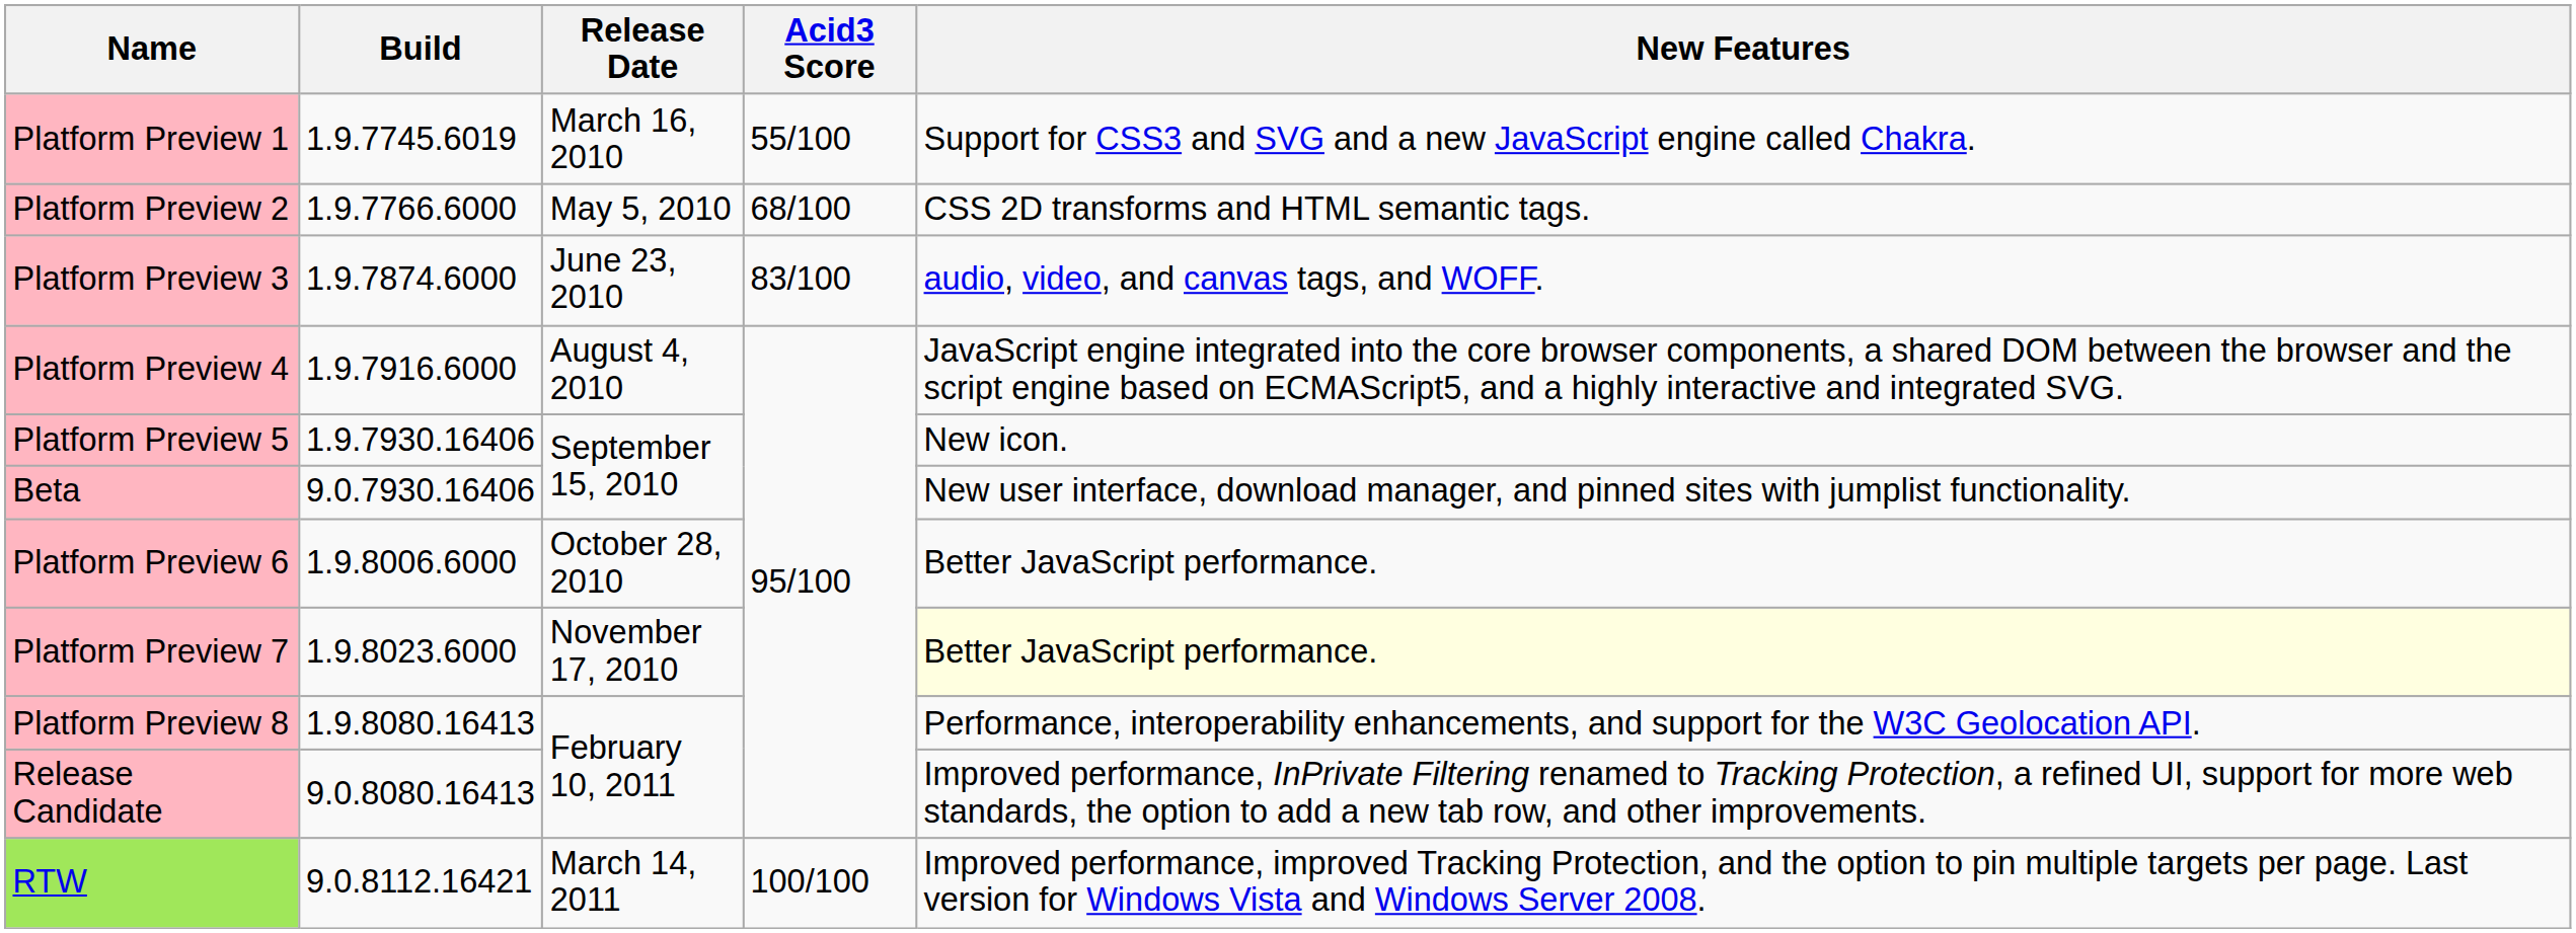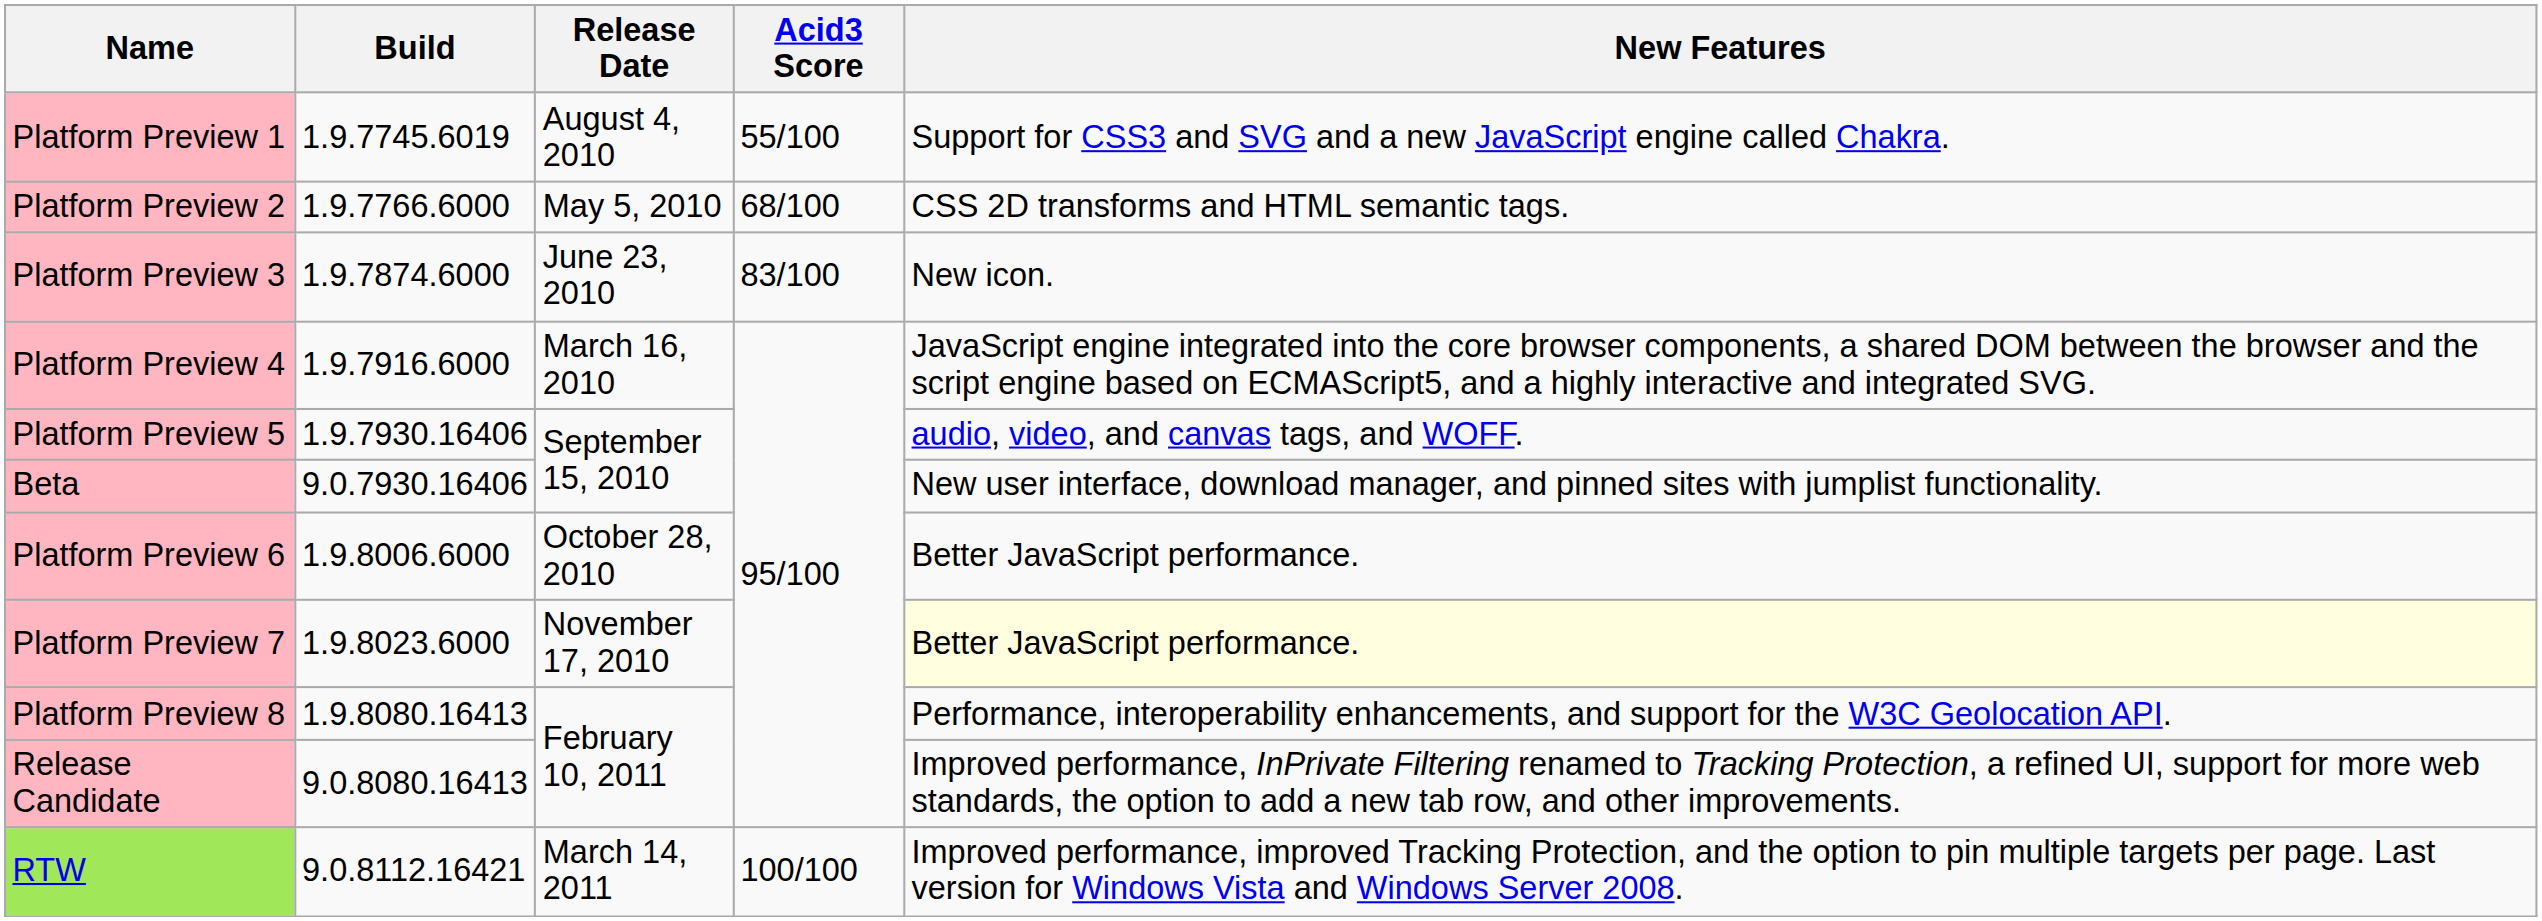 <table class="wikitable" style="text-align:left">
 <tr>
 <th>Name</th>
 <th>Build</th>
 <th>Release Date</th>
 <th><a href='#'>Acid3</a> Score</th>
 <th>New Features</th>
 </tr>
 <tr>
 <td style="white-space:nowrap; background:LightPink;">Platform Preview 1</td>
 <td>1.9.7745.6019</td>
-<td style="width:90px">March 16, 2010</td>
+<td style="width:90px">August 4, 2010</td>
 <td>55/100</td>
 <td>Support for <a href='#'>CSS3</a> and <a href='#'>SVG</a> and a new <a href='#'>JavaScript</a> engine called <a href='#'>Chakra</a>.</td>
 </tr>
 <tr>
 <td style="white-space:nowrap; background:LightPink;">Platform Preview 2</td>
 <td>1.9.7766.6000</td>
 <td style="width:90px">May 5, 2010</td>
 <td>68/100</td>
 <td>CSS 2D transforms and HTML semantic tags.</td>
 </tr>
 <tr>
 <td style="white-space:nowrap; background:LightPink;">Platform Preview 3</td>
 <td>1.9.7874.6000</td>
 <td style="width:90px">June 23, 2010</td>
 <td>83/100</td>
-<td><a href='#'>audio</a>, <a href='#'>video</a>, and <a href='#'>canvas</a> tags, and <a href='#'>WOFF</a>.</td>
+<td>New icon.</td>
 </tr>
 <tr>
 <td style="white-space:nowrap; background:LightPink;">Platform Preview 4</td>
 <td>1.9.7916.6000</td>
-<td style="width:90px">August 4, 2010</td>
+<td style="width:90px">March 16, 2010</td>
 <td rowspan="7">95/100</td>
 <td>JavaScript engine integrated into the core browser components, a shared DOM between the browser and the script engine based on ECMAScript5, and a highly interactive and integrated SVG.</td>
 </tr>
 <tr>
 <td style="white-space:nowrap; background:LightPink;">Platform Preview 5</td>
 <td>1.9.7930.16406</td>
 <td rowspan="2" style="width:90px">September 15, 2010</td>
-<td>New icon.</td>
+<td><a href='#'>audio</a>, <a href='#'>video</a>, and <a href='#'>canvas</a> tags, and <a href='#'>WOFF</a>.</td>
 </tr>
 <tr>
 <td style="white-space:nowrap; background:LightPink;">Beta</td>
 <td>9.0.7930.16406</td>
 <td>New user interface, download manager, and pinned sites with jumplist functionality.</td>
 </tr>
 <tr>
 <td style="white-space:nowrap; background:LightPink;">Platform Preview 6</td>
 <td>1.9.8006.6000</td>
 <td style="width:90px">October 28, 2010</td>
 <td>Better JavaScript performance.</td>
 </tr>
 <tr>
 <td style="white-space:nowrap; background:LightPink;">Platform Preview 7</td>
 <td>1.9.8023.6000</td>
 <td style="width:90px">November 17, 2010</td>
 <td style="background: lightyellow;">Better JavaScript performance.</td>
 </tr>
 <tr>
 <td style="red-space:nowrap; background:LightPink;">Platform Preview 8</td>
 <td>1.9.8080.16413</td>
 <td rowspan="2" style="width:90px">February 10, 2011</td>
 <td>Performance, interoperability enhancements, and support for the <a href='#'>W3C Geolocation API</a>.</td>
 </tr>
 <tr>
 <td style="red-space:nowrap; background:LightPink;">Release Candidate</td>
 <td>9.0.8080.16413</td>
 <td>Improved performance, <em>InPrivate Filtering</em> renamed to <em>Tracking Protection</em>, a refined UI, support for more web standards, the option to add a new tab row, and other improvements.</td>
 </tr>
 <tr>
 <td style="green-space:nowrap; background:#a0e75a;"><a href='#'>RTW</a></td>
 <td>9.0.8112.16421</td>
 <td style="width:90px">March 14, 2011</td>
 <td>100/100</td>
 <td>Improved performance, improved Tracking Protection, and the option to pin multiple targets per page. Last version for <a href='#'>Windows Vista</a> and <a href='#'>Windows Server 2008</a>.</td>
 </tr>
 </table>
